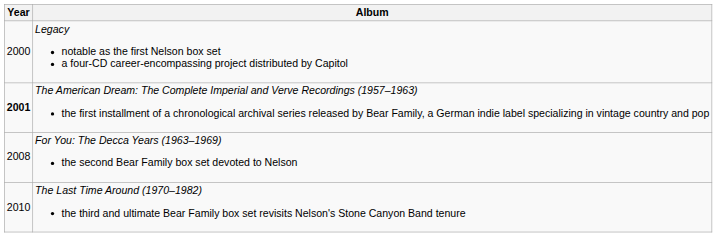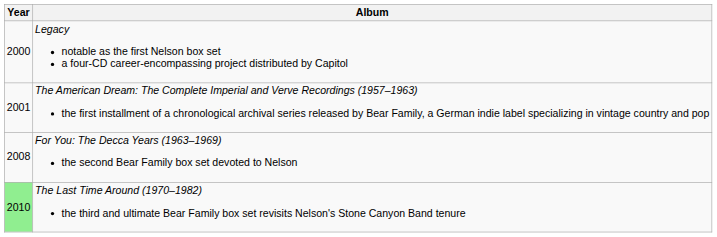 <table class="wikitable">
 <tr>
 <th>Year</th>
 <th>Album</th>
 </tr>
 <tr>
 <td>2000</td>
 <td><em>Legacy</em><br><ul><li>notable as the first Nelson box set</li><li>a four-CD career-encompassing project distributed by Capitol</li></ul></td>
 </tr>
 <tr>
-<td><strong>2001</strong></td>
+<td>2001</td>
 <td><em>The American Dream: The Complete Imperial and Verve Recordings (1957–1963)</em><br><ul><li>the first installment of a chronological archival series released by Bear Family, a German indie label specializing in vintage country and pop</li></ul></td>
 </tr>
 <tr>
 <td>2008</td>
 <td><em>For You: The Decca Years (1963–1969)</em><br><ul><li>the second Bear Family box set devoted to Nelson</li></ul></td>
 </tr>
 <tr>
-<td>2010</td>
+<td style="background: lightgreen;">2010</td>
 <td><em>The Last Time Around (1970–1982)</em><br><ul><li>the third and ultimate Bear Family box set revisits Nelson's Stone Canyon Band tenure</li></ul></td>
 </tr>
 </table>
